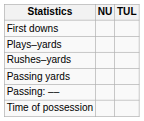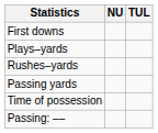 <table class="wikitable" style="float:left">
 <tr>
 <th>Statistics</th>
 <th>NU</th>
 <th>TUL</th>
 </tr>
 <tr>
 <td>First downs</td>
 <td></td>
 <td></td>
 </tr>
 <tr>
 <td>Plays–yards</td>
 <td></td>
 <td></td>
 </tr>
 <tr>
 <td>Rushes–yards</td>
 <td></td>
 <td></td>
 </tr>
 <tr>
 <td>Passing yards</td>
 <td></td>
 <td></td>
 </tr>
 <tr>
+<td>Time of possession</td>
+<td></td>
+<td></td>
+</tr>
+<tr>
 <td>Passing: ––</td>
 <td></td>
 <td></td>
 </tr>
-<tr>
-<td>Time of possession</td>
-<td></td>
-<td></td>
-</tr>
 </table>
